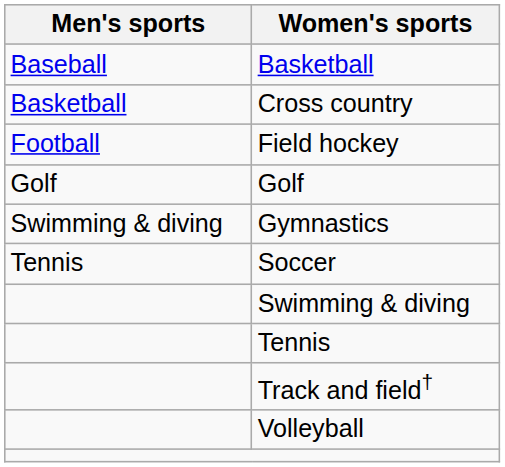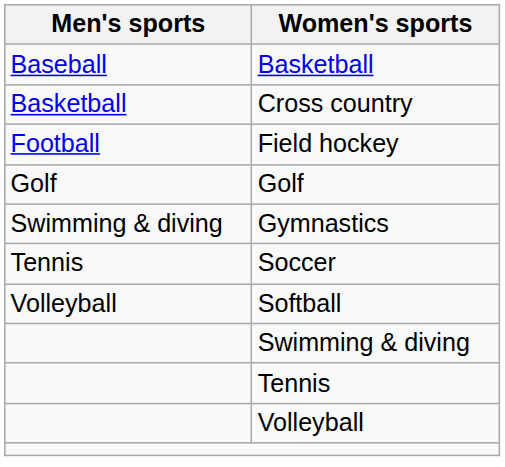 <table class="wikitable" style= " ">
 <tr>
 <th width=150px>Men's sports</th>
 <th width=150px>Women's sports</th>
 </tr>
 <tr>
 <td><a href='#'>Baseball</a></td>
 <td><a href='#'>Basketball</a></td>
 </tr>
 <tr>
 <td><a href='#'>Basketball</a></td>
 <td>Cross country</td>
 </tr>
 <tr>
 <td><a href='#'>Football</a></td>
 <td>Field hockey</td>
 </tr>
 <tr>
 <td>Golf</td>
 <td>Golf</td>
 </tr>
 <tr>
 <td>Swimming & diving</td>
 <td>Gymnastics</td>
 </tr>
 <tr>
 <td>Tennis</td>
 <td>Soccer</td>
 </tr>
 <tr>
+<td>Volleyball</td>
+<td>Softball</td>
+</tr>
+<tr>
 <td></td>
 <td>Swimming & diving</td>
 </tr>
 <tr>
 <td></td>
 <td>Tennis</td>
 </tr>
 <tr>
 <td></td>
-<td>Track and field<sup>†</sup></td>
-</tr>
-<tr>
-<td></td>
 <td>Volleyball</td>
 </tr>
 <tr>
 <td colspan="2"></td>
 </tr>
 </table>
